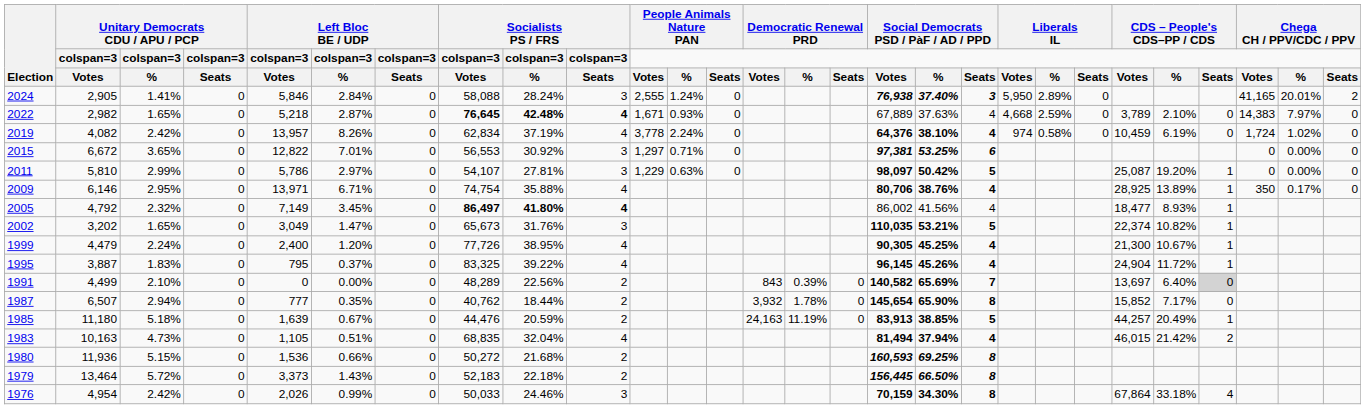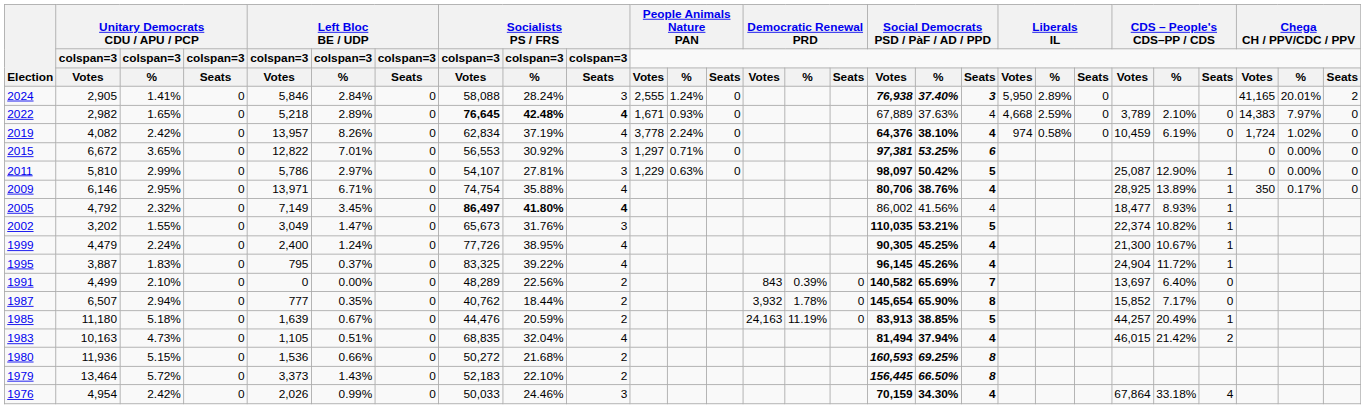 <table class="wikitable" border="1" style="font-size:85%; text-align:right;">
 <tr>
 <th style="text-align:left;" valign=bottom rowspan=3>Election</th>
 <th valign=bottom colspan=3><a href='#'>Unitary Democrats</a><br>CDU / APU / PCP</th>
 <th valign=bottom colspan=3><a href='#'>Left Bloc</a><br>BE / UDP</th>
 <th valign=bottom colspan=3><a href='#'>Socialists</a><br>PS / FRS</th>
 <th valign=bottom colspan=3><a href='#'>People Animals Nature</a><br>PAN</th>
 <th valign=bottom colspan=3><a href='#'>Democratic Renewal</a><br>PRD</th>
 <th valign=bottom colspan=3><a href='#'>Social Democrats</a><br>PSD / PàF / AD / PPD</th>
 <th valign=bottom colspan=3><a href='#'>Liberals</a><br>IL</th>
 <th valign=bottom colspan=3><a href='#'>CDS – People's</a><br>CDS–PP / CDS</th>
 <th valign=bottom colspan=3><a href='#'>Chega</a><br>CH / PPV/CDC / PPV</th>
 </tr>
 <tr>
 <th>colspan=3 </th>
 <th>colspan=3 </th>
 <th>colspan=3 </th>
 <th>colspan=3 </th>
 <th>colspan=3 </th>
 <th>colspan=3 </th>
 <th>colspan=3 </th>
 <th>colspan=3 </th>
 <th>colspan=3 </th>
 </tr>
 <tr>
 <th>Votes</th>
 <th>%</th>
 <th>Seats</th>
 <th>Votes</th>
 <th>%</th>
 <th>Seats</th>
 <th>Votes</th>
 <th>%</th>
 <th>Seats</th>
 <th>Votes</th>
 <th>%</th>
 <th>Seats</th>
 <th>Votes</th>
 <th>%</th>
 <th>Seats</th>
 <th>Votes</th>
 <th>%</th>
 <th>Seats</th>
 <th>Votes</th>
 <th>%</th>
 <th>Seats</th>
 <th>Votes</th>
 <th>%</th>
 <th>Seats</th>
 <th>Votes</th>
 <th>%</th>
 <th>Seats</th>
 </tr>
 <tr>
 <td align=left><a href='#'>2024</a></td>
 <td>2,905</td>
 <td>1.41%</td>
 <td>0</td>
 <td>5,846</td>
 <td>2.84%</td>
 <td>0</td>
 <td>58,088</td>
 <td>28.24%</td>
 <td>3</td>
 <td>2,555</td>
 <td>1.24%</td>
 <td>0</td>
 <td></td>
 <td></td>
 <td></td>
 <td><strong><em>76,938</em></strong></td>
 <td><strong><em>37.40%</em></strong></td>
 <td><strong><em>3</em></strong></td>
 <td>5,950</td>
 <td>2.89%</td>
 <td>0</td>
 <td></td>
 <td></td>
 <td></td>
 <td>41,165</td>
 <td>20.01%</td>
 <td>2</td>
 </tr>
 <tr>
 <td align=left><a href='#'>2022</a></td>
 <td>2,982</td>
 <td>1.65%</td>
 <td>0</td>
 <td>5,218</td>
-<td>2.87%</td>
+<td>2.89%</td>
 <td>0</td>
 <td><strong>76,645</strong></td>
 <td><strong>42.48%</strong></td>
 <td><strong>4</strong></td>
 <td>1,671</td>
 <td>0.93%</td>
 <td>0</td>
 <td></td>
 <td></td>
 <td></td>
 <td>67,889</td>
 <td>37.63%</td>
 <td>4</td>
 <td>4,668</td>
 <td>2.59%</td>
 <td>0</td>
 <td>3,789</td>
 <td>2.10%</td>
 <td>0</td>
 <td>14,383</td>
 <td>7.97%</td>
 <td>0</td>
 </tr>
 <tr>
 <td align=left><a href='#'>2019</a></td>
 <td>4,082</td>
 <td>2.42%</td>
 <td>0</td>
 <td>13,957</td>
 <td>8.26%</td>
 <td>0</td>
 <td>62,834</td>
 <td>37.19%</td>
 <td>4</td>
 <td>3,778</td>
 <td>2.24%</td>
 <td>0</td>
 <td></td>
 <td></td>
 <td></td>
 <td><strong>64,376</strong></td>
 <td><strong>38.10%</strong></td>
 <td><strong>4</strong></td>
 <td>974</td>
 <td>0.58%</td>
 <td>0</td>
 <td>10,459</td>
 <td>6.19%</td>
 <td>0</td>
 <td>1,724</td>
 <td>1.02%</td>
 <td>0</td>
 </tr>
 <tr>
 <td align=left><a href='#'>2015</a></td>
 <td>6,672</td>
 <td>3.65%</td>
 <td>0</td>
 <td>12,822</td>
 <td>7.01%</td>
 <td>0</td>
 <td>56,553</td>
 <td>30.92%</td>
 <td>3</td>
 <td>1,297</td>
 <td>0.71%</td>
 <td>0</td>
 <td></td>
 <td></td>
 <td></td>
 <td><strong><em>97,381</em></strong></td>
 <td><strong><em>53.25%</em></strong></td>
 <td><strong><em>6</em></strong></td>
 <td></td>
 <td></td>
 <td></td>
 <td></td>
 <td></td>
 <td></td>
 <td>0</td>
 <td>0.00%</td>
 <td>0</td>
 </tr>
 <tr>
 <td align=left><a href='#'>2011</a></td>
 <td>5,810</td>
 <td>2.99%</td>
 <td>0</td>
 <td>5,786</td>
 <td>2.97%</td>
 <td>0</td>
 <td>54,107</td>
 <td>27.81%</td>
 <td>3</td>
 <td>1,229</td>
 <td>0.63%</td>
 <td>0</td>
 <td></td>
 <td></td>
 <td></td>
 <td><strong>98,097</strong></td>
 <td><strong>50.42%</strong></td>
 <td><strong>5</strong></td>
 <td></td>
 <td></td>
 <td></td>
 <td>25,087</td>
-<td>19.20%</td>
+<td>12.90%</td>
 <td>1</td>
 <td>0</td>
 <td>0.00%</td>
 <td>0</td>
 </tr>
 <tr>
 <td align=left><a href='#'>2009</a></td>
 <td>6,146</td>
 <td>2.95%</td>
 <td>0</td>
 <td>13,971</td>
 <td>6.71%</td>
 <td>0</td>
 <td>74,754</td>
 <td>35.88%</td>
 <td>4</td>
 <td></td>
 <td></td>
 <td></td>
 <td></td>
 <td></td>
 <td></td>
 <td><strong>80,706</strong></td>
 <td><strong>38.76%</strong></td>
 <td><strong>4</strong></td>
 <td></td>
 <td></td>
 <td></td>
 <td>28,925</td>
 <td>13.89%</td>
 <td>1</td>
 <td>350</td>
 <td>0.17%</td>
 <td>0</td>
 </tr>
 <tr>
 <td align=left><a href='#'>2005</a></td>
 <td>4,792</td>
 <td>2.32%</td>
 <td>0</td>
 <td>7,149</td>
 <td>3.45%</td>
 <td>0</td>
 <td><strong>86,497</strong></td>
 <td><strong>41.80%</strong></td>
 <td><strong>4</strong></td>
 <td></td>
 <td></td>
 <td></td>
 <td></td>
 <td></td>
 <td></td>
 <td>86,002</td>
 <td>41.56%</td>
 <td>4</td>
 <td></td>
 <td></td>
 <td></td>
 <td>18,477</td>
 <td>8.93%</td>
 <td>1</td>
 <td></td>
 <td></td>
 <td></td>
 </tr>
 <tr>
 <td align=left><a href='#'>2002</a></td>
 <td>3,202</td>
-<td>1.65%</td>
+<td>1.55%</td>
 <td>0</td>
 <td>3,049</td>
 <td>1.47%</td>
 <td>0</td>
 <td>65,673</td>
 <td>31.76%</td>
 <td>3</td>
 <td></td>
 <td></td>
 <td></td>
 <td></td>
 <td></td>
 <td></td>
 <td><strong>110,035</strong></td>
 <td><strong>53.21%</strong></td>
 <td><strong>5</strong></td>
 <td></td>
 <td></td>
 <td></td>
 <td>22,374</td>
 <td>10.82%</td>
 <td>1</td>
 <td></td>
 <td></td>
 <td></td>
 </tr>
 <tr>
 <td align=left><a href='#'>1999</a></td>
 <td>4,479</td>
 <td>2.24%</td>
 <td>0</td>
 <td>2,400</td>
-<td>1.20%</td>
+<td>1.24%</td>
 <td>0</td>
 <td>77,726</td>
 <td>38.95%</td>
 <td>4</td>
 <td></td>
 <td></td>
 <td></td>
 <td></td>
 <td></td>
 <td></td>
 <td><strong>90,305</strong></td>
 <td><strong>45.25%</strong></td>
 <td><strong>4</strong></td>
 <td></td>
 <td></td>
 <td></td>
 <td>21,300</td>
 <td>10.67%</td>
 <td>1</td>
 <td></td>
 <td></td>
 <td></td>
 </tr>
 <tr>
 <td align=left><a href='#'>1995</a></td>
 <td>3,887</td>
 <td>1.83%</td>
 <td>0</td>
 <td>795</td>
 <td>0.37%</td>
 <td>0</td>
 <td>83,325</td>
 <td>39.22%</td>
 <td>4</td>
 <td></td>
 <td></td>
 <td></td>
 <td></td>
 <td></td>
 <td></td>
 <td><strong>96,145</strong></td>
 <td><strong>45.26%</strong></td>
 <td><strong>4</strong></td>
 <td></td>
 <td></td>
 <td></td>
 <td>24,904</td>
 <td>11.72%</td>
 <td>1</td>
 <td></td>
 <td></td>
 <td></td>
 </tr>
 <tr>
 <td align=left><a href='#'>1991</a></td>
 <td>4,499</td>
 <td>2.10%</td>
 <td>0</td>
 <td>0</td>
 <td>0.00%</td>
 <td>0</td>
 <td>48,289</td>
 <td>22.56%</td>
 <td>2</td>
 <td></td>
 <td></td>
 <td></td>
 <td>843</td>
 <td>0.39%</td>
 <td>0</td>
 <td><strong>140,582</strong></td>
 <td><strong>65.69%</strong></td>
 <td><strong>7</strong></td>
 <td></td>
 <td></td>
 <td></td>
 <td>13,697</td>
 <td>6.40%</td>
-<td style="background: lightgrey;">0</td>
+<td>0</td>
 <td></td>
 <td></td>
 <td></td>
 </tr>
 <tr>
 <td align=left><a href='#'>1987</a></td>
 <td>6,507</td>
 <td>2.94%</td>
 <td>0</td>
 <td>777</td>
 <td>0.35%</td>
 <td>0</td>
 <td>40,762</td>
 <td>18.44%</td>
 <td>2</td>
 <td></td>
 <td></td>
 <td></td>
 <td>3,932</td>
 <td>1.78%</td>
 <td>0</td>
 <td><strong>145,654</strong></td>
 <td><strong>65.90%</strong></td>
 <td><strong>8</strong></td>
 <td></td>
 <td></td>
 <td></td>
 <td>15,852</td>
 <td>7.17%</td>
 <td>0</td>
 <td></td>
 <td></td>
 <td></td>
 </tr>
 <tr>
 <td align=left><a href='#'>1985</a></td>
 <td>11,180</td>
 <td>5.18%</td>
 <td>0</td>
 <td>1,639</td>
 <td>0.67%</td>
 <td>0</td>
 <td>44,476</td>
 <td>20.59%</td>
 <td>2</td>
 <td></td>
 <td></td>
 <td></td>
 <td>24,163</td>
 <td>11.19%</td>
 <td>0</td>
 <td><strong>83,913</strong></td>
 <td><strong>38.85%</strong></td>
 <td><strong>5</strong></td>
 <td></td>
 <td></td>
 <td></td>
 <td>44,257</td>
 <td>20.49%</td>
 <td>1</td>
 <td></td>
 <td></td>
 <td></td>
 </tr>
 <tr>
 <td align=left><a href='#'>1983</a></td>
 <td>10,163</td>
 <td>4.73%</td>
 <td>0</td>
 <td>1,105</td>
 <td>0.51%</td>
 <td>0</td>
 <td>68,835</td>
 <td>32.04%</td>
 <td>4</td>
 <td></td>
 <td></td>
 <td></td>
 <td></td>
 <td></td>
 <td></td>
 <td><strong>81,494</strong></td>
 <td><strong>37.94%</strong></td>
 <td><strong>4</strong></td>
 <td></td>
 <td></td>
 <td></td>
 <td>46,015</td>
 <td>21.42%</td>
 <td>2</td>
 <td></td>
 <td></td>
 <td></td>
 </tr>
 <tr>
 <td align=left><a href='#'>1980</a></td>
 <td>11,936</td>
 <td>5.15%</td>
 <td>0</td>
 <td>1,536</td>
 <td>0.66%</td>
 <td>0</td>
 <td>50,272</td>
 <td>21.68%</td>
 <td>2</td>
 <td></td>
 <td></td>
 <td></td>
 <td></td>
 <td></td>
 <td></td>
 <td><strong><em>160,593</em></strong></td>
 <td><strong><em>69.25%</em></strong></td>
 <td><strong><em>8</em></strong></td>
 <td></td>
 <td></td>
 <td></td>
 <td></td>
 <td></td>
 <td></td>
 <td></td>
 <td></td>
 <td></td>
 </tr>
 <tr>
 <td align=left><a href='#'>1979</a></td>
 <td>13,464</td>
 <td>5.72%</td>
 <td>0</td>
 <td>3,373</td>
 <td>1.43%</td>
 <td>0</td>
 <td>52,183</td>
-<td>22.18%</td>
+<td>22.10%</td>
 <td>2</td>
 <td></td>
 <td></td>
 <td></td>
 <td></td>
 <td></td>
 <td></td>
 <td><strong><em>156,445</em></strong></td>
 <td><strong><em>66.50%</em></strong></td>
 <td><strong><em>8</em></strong></td>
 <td></td>
 <td></td>
 <td></td>
 <td></td>
 <td></td>
 <td></td>
 <td></td>
 <td></td>
 <td></td>
 </tr>
 <tr>
 <td align=left><a href='#'>1976</a></td>
 <td>4,954</td>
 <td>2.42%</td>
 <td>0</td>
 <td>2,026</td>
 <td>0.99%</td>
 <td>0</td>
 <td>50,033</td>
 <td>24.46%</td>
 <td>3</td>
 <td></td>
 <td></td>
 <td></td>
 <td></td>
 <td></td>
 <td></td>
 <td><strong>70,159</strong></td>
 <td><strong>34.30%</strong></td>
-<td><strong>8</strong></td>
+<td><strong>4</strong></td>
 <td></td>
 <td></td>
 <td></td>
 <td>67,864</td>
 <td>33.18%</td>
 <td>4</td>
 <td></td>
 <td></td>
 <td></td>
 </tr>
 </table>
